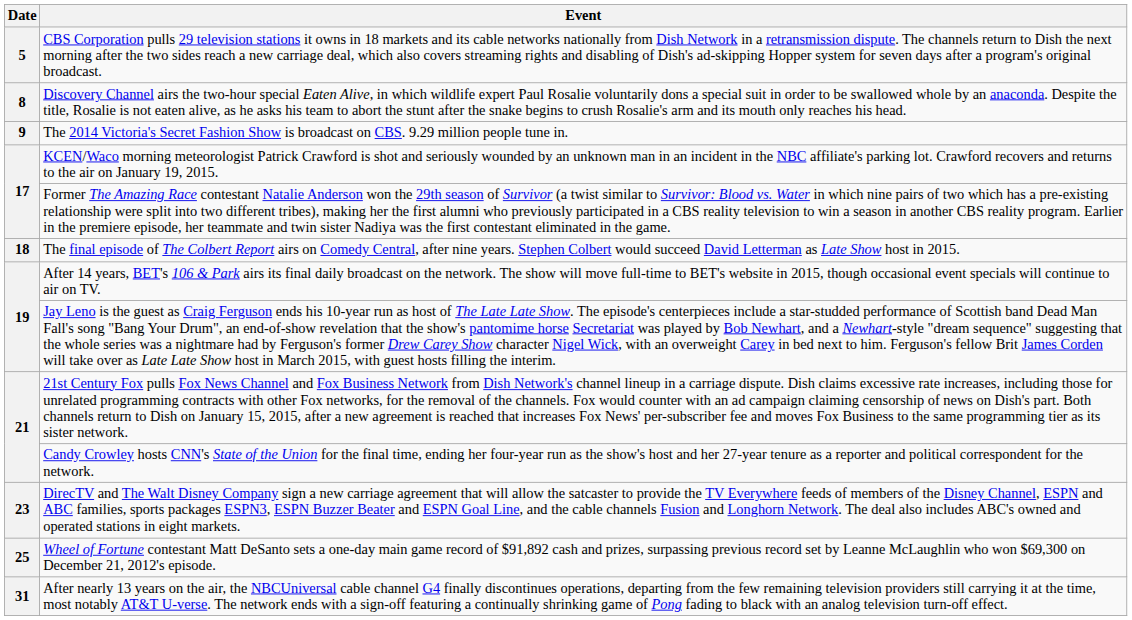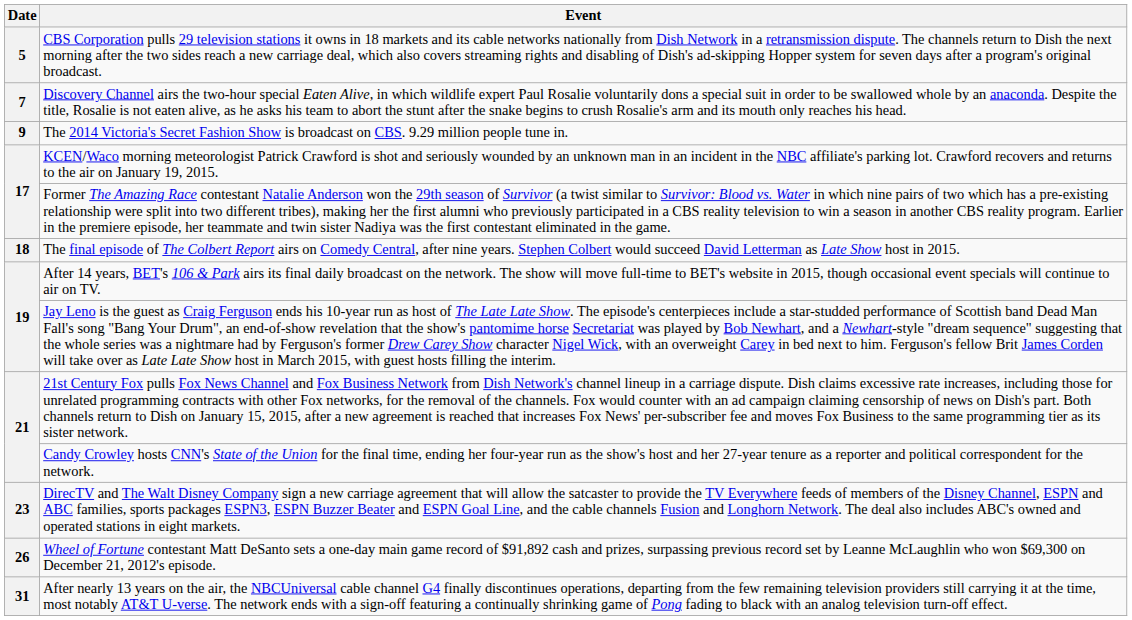 <table class="wikitable">
 <tr>
 <th>Date</th>
 <th>Event</th>
 </tr>
 <tr>
 <th>5</th>
 <td><a href='#'>CBS Corporation</a> pulls <a href='#'>29 television stations</a> it owns in 18 markets and its cable networks nationally from <a href='#'>Dish Network</a> in a <a href='#'>retransmission dispute</a>. The channels return to Dish the next morning after the two sides reach a new carriage deal, which also covers streaming rights and disabling of Dish's ad-skipping Hopper system for seven days after a program's original broadcast.</td>
 </tr>
 <tr>
-<th>8</th>
+<th>7</th>
 <td><a href='#'>Discovery Channel</a> airs the two-hour special <em>Eaten Alive</em>, in which wildlife expert Paul Rosalie voluntarily dons a special suit in order to be swallowed whole by an <a href='#'>anaconda</a>. Despite the title, Rosalie is not eaten alive, as he asks his team to abort the stunt after the snake begins to crush Rosalie's arm and its mouth only reaches his head.</td>
 </tr>
 <tr>
 <th>9</th>
 <td>The <a href='#'>2014 Victoria's Secret Fashion Show</a> is broadcast on <a href='#'>CBS</a>. 9.29 million people tune in.</td>
 </tr>
 <tr>
 <th rowspan=2>17</th>
 <td><a href='#'>KCEN</a>/<a href='#'>Waco</a> morning meteorologist Patrick Crawford is shot and seriously wounded by an unknown man in an incident in the <a href='#'>NBC</a> affiliate's parking lot.  Crawford recovers and returns to the air on January 19, 2015.</td>
 </tr>
 <tr>
 <td>Former <em><a href='#'>The Amazing Race</a></em> contestant <a href='#'>Natalie Anderson</a> won the <a href='#'>29th season</a> of <em><a href='#'>Survivor</a></em> (a twist similar to <em><a href='#'>Survivor: Blood vs. Water</a></em> in which nine pairs of two which has a pre-existing relationship were split into two different tribes), making her the first alumni who previously participated in a CBS reality television to win a season in another CBS reality program. Earlier in the premiere episode, her teammate and twin sister Nadiya was the first contestant eliminated in the game.</td>
 </tr>
 <tr>
 <th>18</th>
 <td>The <a href='#'>final episode</a> of <em><a href='#'>The Colbert Report</a></em> airs on <a href='#'>Comedy Central</a>, after nine years.  <a href='#'>Stephen Colbert</a> would succeed <a href='#'>David Letterman</a> as <em><a href='#'>Late Show</a></em> host in 2015.</td>
 </tr>
 <tr>
 <th rowspan=2>19</th>
 <td>After 14 years, <a href='#'>BET</a>'s <em><a href='#'>106 & Park</a></em> airs its final daily broadcast on the network. The show will move full-time to BET's website in 2015, though occasional event specials will continue to air on TV.</td>
 </tr>
 <tr>
 <td><a href='#'>Jay Leno</a> is the guest as <a href='#'>Craig Ferguson</a> ends his 10-year run as host of <em><a href='#'>The Late Late Show</a></em>.  The episode's centerpieces include a star-studded performance of Scottish band Dead Man Fall's song "Bang Your Drum", an end-of-show revelation that the show's <a href='#'>pantomime horse</a> <a href='#'>Secretariat</a> was played by <a href='#'>Bob Newhart</a>, and a <em><a href='#'>Newhart</a></em>-style "dream sequence" suggesting that the whole series was a nightmare had by Ferguson's former <em><a href='#'>Drew Carey Show</a></em> character <a href='#'>Nigel Wick</a>, with an overweight <a href='#'>Carey</a> in bed next to him.  Ferguson's fellow Brit <a href='#'>James Corden</a> will take over as <em>Late Late Show</em> host in March 2015, with guest hosts filling the interim.</td>
 </tr>
 <tr>
 <th rowspan=2>21</th>
 <td><a href='#'>21st Century Fox</a> pulls <a href='#'>Fox News Channel</a> and <a href='#'>Fox Business Network</a> from <a href='#'>Dish Network's</a> channel lineup in a carriage dispute. Dish claims excessive rate increases, including those for unrelated programming contracts with other Fox networks, for the removal of the channels.  Fox would counter with an ad campaign claiming censorship of news on Dish's part.  Both channels return to Dish on January 15, 2015, after a new agreement is reached that increases Fox News' per-subscriber fee and moves Fox Business to the same programming tier as its sister network.</td>
 </tr>
 <tr>
 <td><a href='#'>Candy Crowley</a> hosts <a href='#'>CNN</a>'s <em><a href='#'>State of the Union</a></em> for the final time, ending her four-year run as the show's host and her 27-year tenure as a reporter and political correspondent for the network.</td>
 </tr>
 <tr>
 <th>23</th>
 <td><a href='#'>DirecTV</a> and <a href='#'>The Walt Disney Company</a> sign a new carriage agreement that will allow the satcaster to provide the <a href='#'>TV Everywhere</a> feeds of members of the <a href='#'>Disney Channel</a>, <a href='#'>ESPN</a> and <a href='#'>ABC</a> families, sports packages <a href='#'>ESPN3</a>, <a href='#'>ESPN Buzzer Beater</a> and <a href='#'>ESPN Goal Line</a>, and the cable channels <a href='#'>Fusion</a> and <a href='#'>Longhorn Network</a>. The deal also includes ABC's owned and operated stations in eight markets.</td>
 </tr>
 <tr>
-<th>25</th>
+<th>26</th>
 <td><em><a href='#'>Wheel of Fortune</a></em> contestant Matt DeSanto sets a one-day main game record of $91,892 cash and prizes, surpassing previous record set by Leanne McLaughlin who won $69,300 on December 21, 2012's episode.</td>
 </tr>
 <tr>
 <th>31</th>
 <td>After nearly 13 years on the air, the <a href='#'>NBCUniversal</a> cable channel <a href='#'>G4</a> finally discontinues operations, departing from the few remaining television providers still carrying it at the time, most notably <a href='#'>AT&T U-verse</a>. The network ends with a sign-off featuring a continually shrinking game of <em><a href='#'>Pong</a></em> fading to black with an analog television turn-off effect.</td>
 </tr>
 </table>
